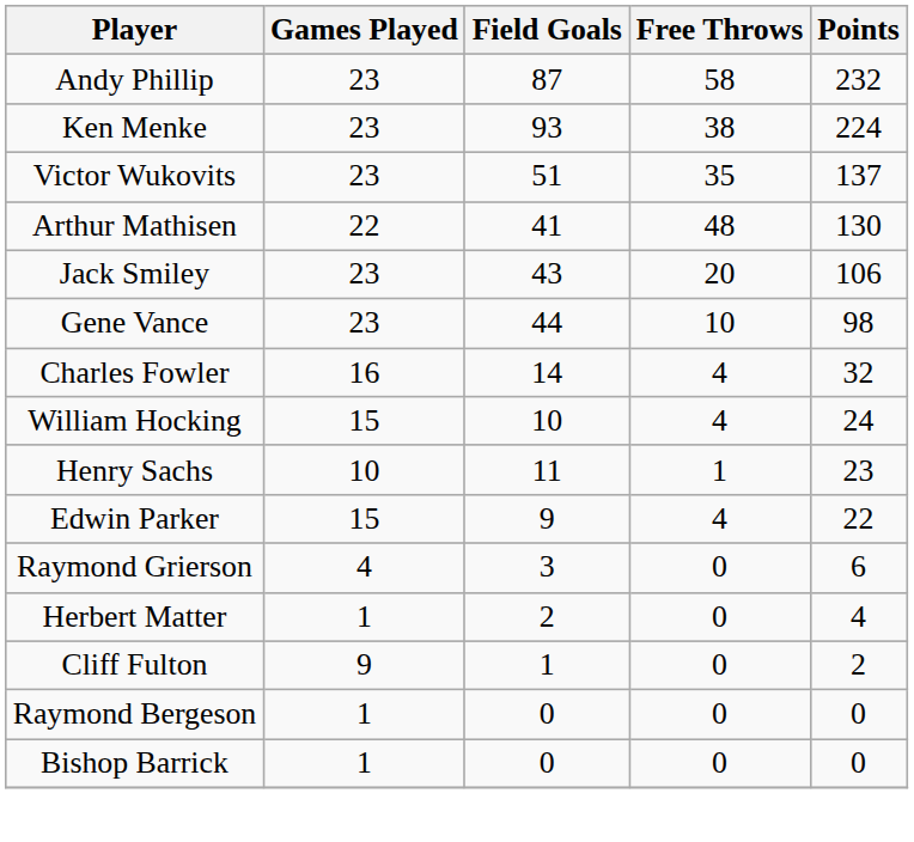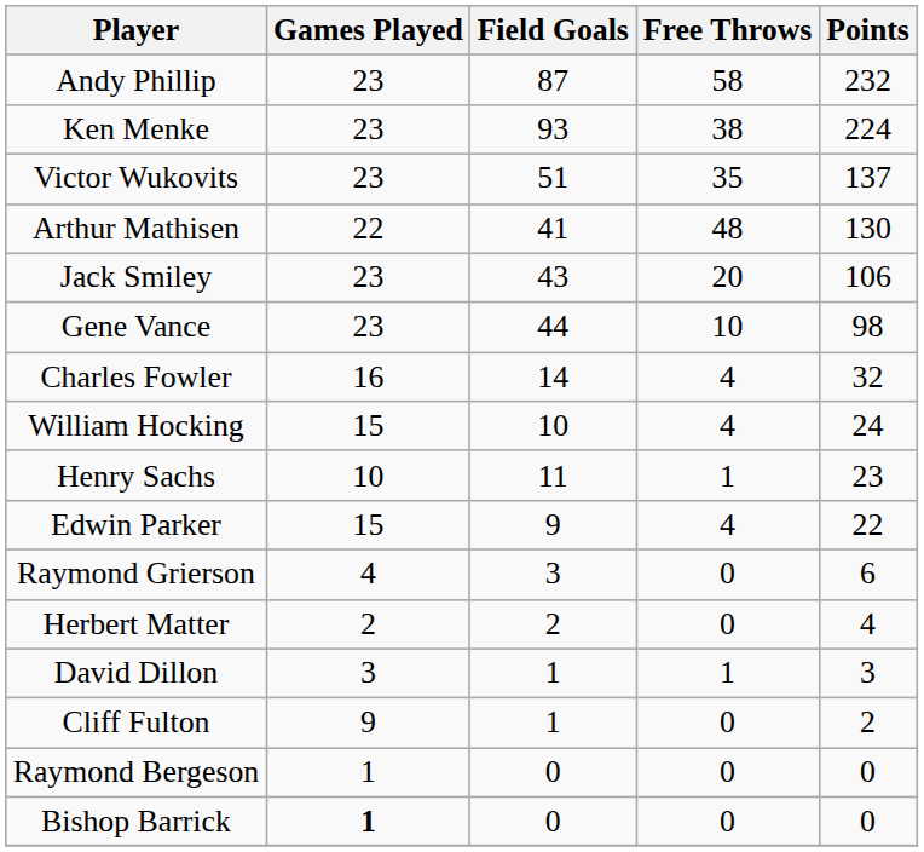 <table class="wikitable sortable">
 <tr>
 <th>Player</th>
 <th>Games Played</th>
 <th>Field Goals</th>
 <th>Free Throws</th>
 <th>Points</th>
 </tr>
 <tr align="center" bgcolor="">
 <td>Andy Phillip</td>
 <td>23</td>
 <td>87</td>
 <td>58</td>
 <td>232</td>
 </tr>
 <tr align="center" bgcolor="">
 <td>Ken Menke</td>
 <td>23</td>
 <td>93</td>
 <td>38</td>
 <td>224</td>
 </tr>
 <tr align="center" bgcolor="">
 <td>Victor Wukovits</td>
 <td>23</td>
 <td>51</td>
 <td>35</td>
 <td>137</td>
 </tr>
 <tr align="center" bgcolor="">
 <td>Arthur Mathisen</td>
 <td>22</td>
 <td>41</td>
 <td>48</td>
 <td>130</td>
 </tr>
 <tr align="center" bgcolor="">
 <td>Jack Smiley</td>
 <td>23</td>
 <td>43</td>
 <td>20</td>
 <td>106</td>
 </tr>
 <tr align="center" bgcolor="">
 <td>Gene Vance</td>
 <td>23</td>
 <td>44</td>
 <td>10</td>
 <td>98</td>
 </tr>
 <tr align="center" bgcolor="">
 <td>Charles Fowler</td>
 <td>16</td>
 <td>14</td>
 <td>4</td>
 <td>32</td>
 </tr>
 <tr align="center" bgcolor="">
 <td>William Hocking</td>
 <td>15</td>
 <td>10</td>
 <td>4</td>
 <td>24</td>
 </tr>
 <tr align="center" bgcolor="">
 <td>Henry Sachs</td>
 <td>10</td>
 <td>11</td>
 <td>1</td>
 <td>23</td>
 </tr>
 <tr align="center" bgcolor="">
 <td>Edwin Parker</td>
 <td>15</td>
 <td>9</td>
 <td>4</td>
 <td>22</td>
 </tr>
 <tr align="center" bgcolor="">
 <td>Raymond Grierson</td>
 <td>4</td>
 <td>3</td>
 <td>0</td>
 <td>6</td>
 </tr>
 <tr align="center" bgcolor="">
 <td>Herbert Matter</td>
-<td>1</td>
+<td>2</td>
 <td>2</td>
 <td>0</td>
 <td>4</td>
+</tr>
+<tr align="center" bgcolor="">
+<td>David Dillon</td>
+<td>3</td>
+<td>1</td>
+<td>1</td>
+<td>3</td>
 </tr>
 <tr align="center" bgcolor="">
 <td>Cliff Fulton</td>
 <td>9</td>
 <td>1</td>
 <td>0</td>
 <td>2</td>
 </tr>
 <tr align="center" bgcolor="">
 <td>Raymond Bergeson</td>
 <td>1</td>
 <td>0</td>
 <td>0</td>
 <td>0</td>
 </tr>
 <tr align="center" bgcolor="">
 <td>Bishop Barrick</td>
-<td>1</td>
+<td><strong>1</strong></td>
 <td>0</td>
 <td>0</td>
 <td>0</td>
 </tr>
 <tr align="center" bgcolor="">
 </tr>
 </table>
